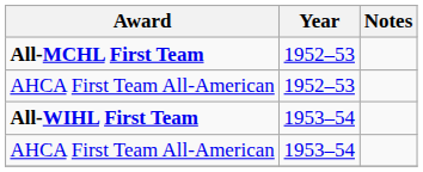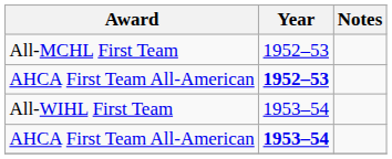 <table class="wikitable">
 <tr>
 <th>Award</th>
 <th>Year</th>
 <th>Notes</th>
 </tr>
 <tr>
-<td><strong>All-<a href='#'>MCHL</a> <a href='#'>First Team</a></strong></td>
+<td>All-<a href='#'>MCHL</a> <a href='#'>First Team</a></td>
 <td><a href='#'>1952–53</a></td>
 <td></td>
 </tr>
 <tr>
 <td><a href='#'>AHCA</a> <a href='#'>First Team All-American</a></td>
-<td><a href='#'>1952–53</a></td>
+<td><strong><a href='#'>1952–53</a></strong></td>
 <td></td>
 </tr>
 <tr>
-<td><strong>All-<a href='#'>WIHL</a> <a href='#'>First Team</a></strong></td>
+<td>All-<a href='#'>WIHL</a> <a href='#'>First Team</a></td>
 <td><a href='#'>1953–54</a></td>
 <td></td>
 </tr>
 <tr>
 <td><a href='#'>AHCA</a> <a href='#'>First Team All-American</a></td>
-<td><a href='#'>1953–54</a></td>
+<td><strong><a href='#'>1953–54</a></strong></td>
 <td></td>
 </tr>
 <tr>
 </tr>
 </table>
